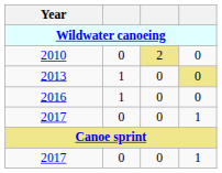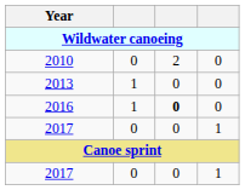 <table class="wikitable" width=30% style="font-size:100%; text-align:center;">
 <tr>
 <th>Year</th>
 <th></th>
 <th></th>
 <th></th>
 </tr>
 <tr>
 <td colspan=4 bgcolor=LightCyan><strong><a href='#'>Wildwater canoeing</a></strong></td>
 </tr>
 <tr>
 <td><a href='#'>2010</a></td>
 <td>0</td>
-<td style="background: khaki;">2</td>
+<td>2</td>
 <td>0</td>
 </tr>
 <tr>
 <td><a href='#'>2013</a></td>
 <td>1</td>
 <td>0</td>
-<td style="background: khaki;">0</td>
+<td>0</td>
 </tr>
 <tr>
 <td><a href='#'>2016</a></td>
 <td>1</td>
-<td>0</td>
+<td><strong>0</strong></td>
 <td>0</td>
 </tr>
 <tr>
 <td><a href='#'>2017</a></td>
 <td>0</td>
 <td>0</td>
 <td>1</td>
 </tr>
 <tr>
 <td colspan=4 bgcolor=Khaki><strong><a href='#'>Canoe sprint</a></strong></td>
 </tr>
 <tr>
 <td><a href='#'>2017</a></td>
 <td>0</td>
 <td>0</td>
 <td>1</td>
 </tr>
 </table>
